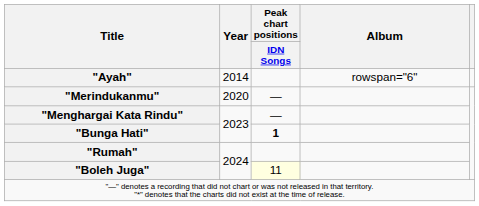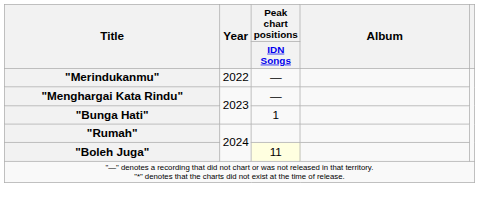 <table class="wikitable plainrowheaders" style="text-align:center">
 <tr>
 <th rowspan="2" scope="col" style="width:18em;">Title</th>
 <th rowspan="2" scope="col">Year</th>
 <th scope="col" style="width:2.5em;font-size:85%;">Peak chart<br>positions</th>
 <th rowspan="2" scope="col" style="width:14em;">Album</th>
 <th rowspan="2"></th>
 </tr>
 <tr>
 <th scope="col" style="width:2.5em;font-size:85%;"><a href='#'>IDN Songs</a></th>
 </tr>
 <tr>
-<th scope="row">"Ayah"</th>
-<td>2014</td>
-<td></td>
-<td>rowspan="6" </td>
-<td></td>
-</tr>
-<tr>
 <th scope="row">"Merindukanmu"</th>
-<td>2020</td>
+<td>2022</td>
 <td>—</td>
 <td></td>
 </tr>
 <tr>
 <th scope="row">"Menghargai Kata Rindu"</th>
 <td rowspan="2">2023</td>
 <td>—</td>
 <td></td>
 </tr>
 <tr>
 <th scope="row">"Bunga Hati"</th>
-<td><strong>1</strong></td>
+<td>1</td>
 <td></td>
 </tr>
 <tr>
 <th scope="row">"Rumah"</th>
 <td rowspan="2">2024</td>
 <td></td>
 <td></td>
 </tr>
 <tr>
 <th scope="row">"Boleh Juga"</th>
 <td style="background: lightyellow;">11</td>
 <td></td>
 </tr>
 <tr>
 <td colspan="5" style="text-align:center; font-size:8pt;">"—" denotes a recording that did not chart or was not released in that territory.<br>"*" denotes that the charts did not exist at the time of release.</td>
 </tr>
 </table>
